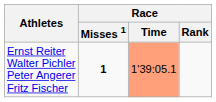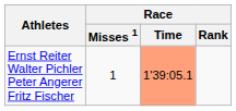 <table class="wikitable" border="1" style="font-size:90%">
 <tr>
 <th rowspan=2>Athletes</th>
 <th colspan=3>Race</th>
 </tr>
 <tr>
 <th>Misses <sup>1</sup></th>
 <th>Time</th>
 <th>Rank</th>
 </tr>
 <tr>
 <td><a href='#'>Ernst Reiter</a><br><a href='#'>Walter Pichler</a><br><a href='#'>Peter Angerer</a><br><a href='#'>Fritz Fischer</a></td>
-<td align=center><strong>1</strong></td>
+<td align=center>1</td>
 <td align=center style="background: lightsalmon;">1'39:05.1</td>
 <td align=center></td>
 </tr>
 </table>
